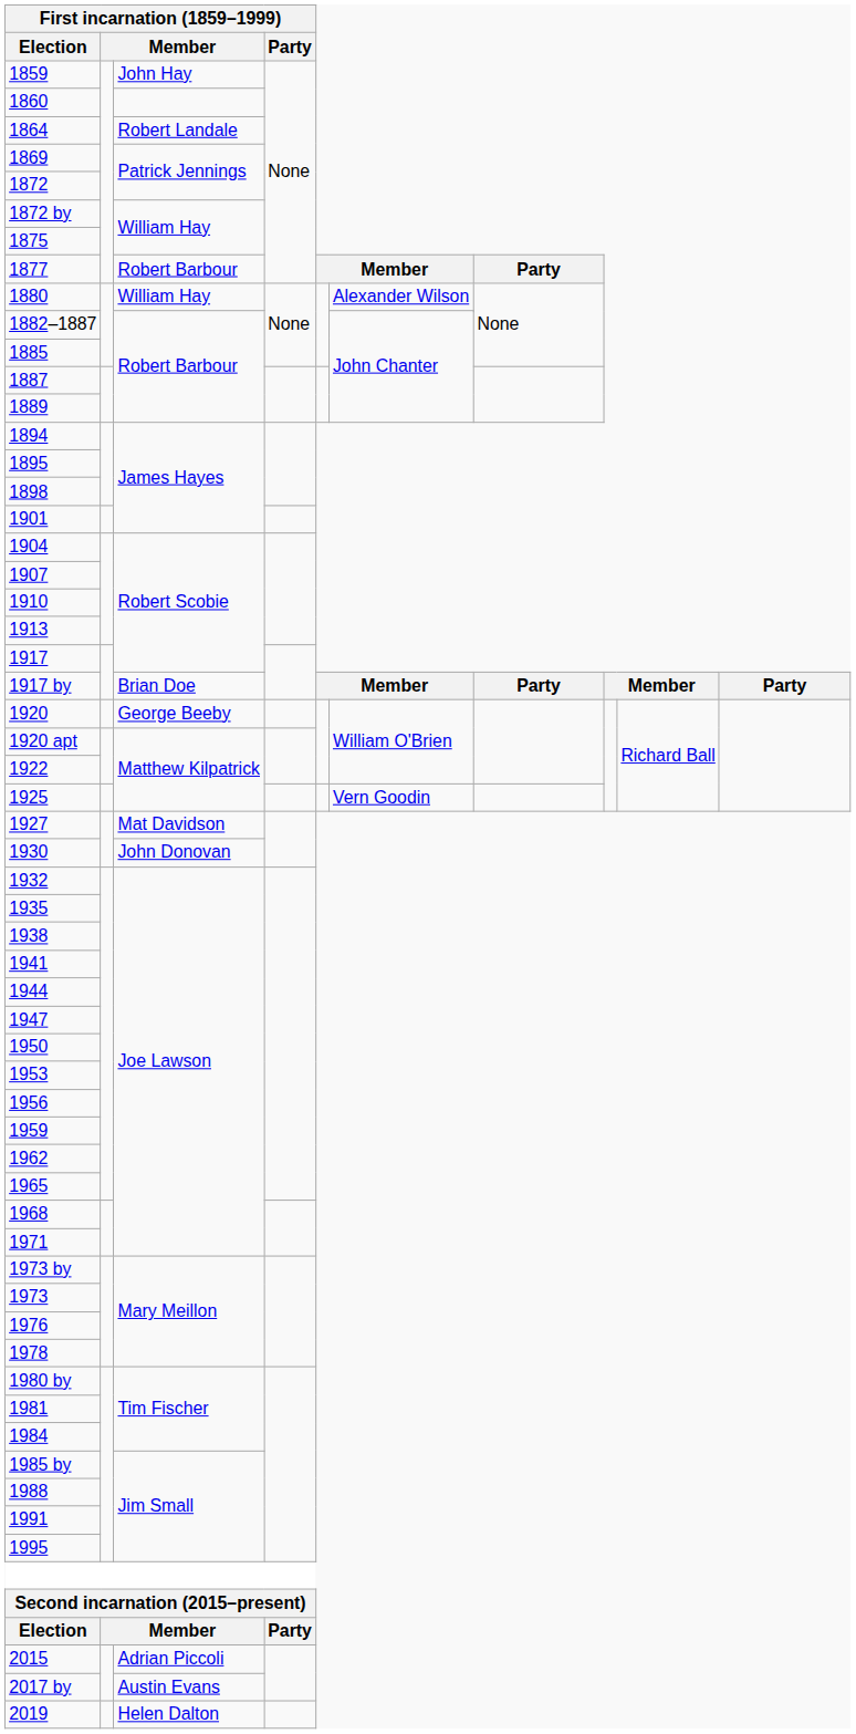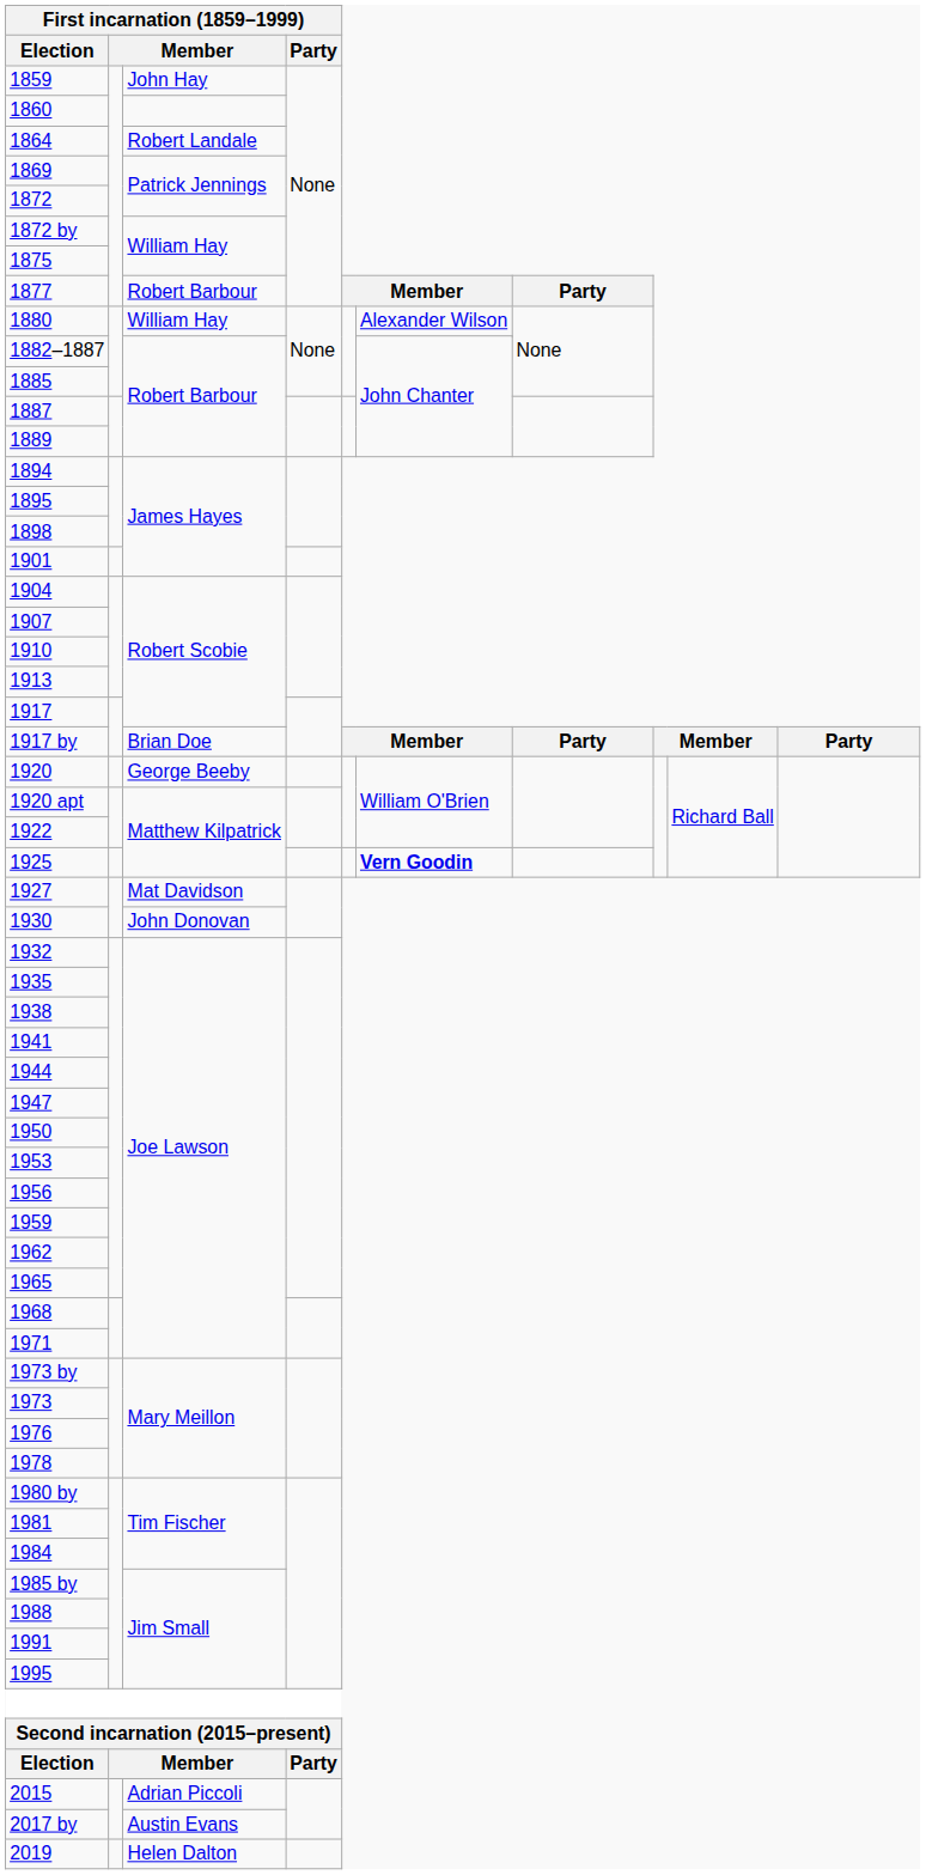 <table class="wikitable" style='border-style: none none none none;'>
 <tr>
 <th colspan="4">First incarnation (1859–1999)</th>
 </tr>
 <tr>
 <th>Election</th>
 <th colspan="2">Member</th>
 <th>Party</th>
 </tr>
 <tr style="background: #f9f9f9">
 <td><a href='#'>1859</a></td>
 <td rowspan="8" > </td>
 <td><a href='#'>John Hay</a></td>
 <td rowspan="8">None</td>
 </tr>
 <tr style="background: #f9f9f9">
 <td><a href='#'>1860</a></td>
 </tr>
 <tr style="background: #f9f9f9">
 <td><a href='#'>1864</a></td>
 <td><a href='#'>Robert Landale</a></td>
 </tr>
 <tr style="background: #f9f9f9">
 <td><a href='#'>1869</a></td>
 <td rowspan="2"><a href='#'>Patrick Jennings</a></td>
 </tr>
 <tr style="background: #f9f9f9">
 <td><a href='#'>1872</a></td>
 </tr>
 <tr style="background: #f9f9f9">
 <td><a href='#'>1872 by</a></td>
 <td rowspan="2"><a href='#'>William Hay</a></td>
 </tr>
 <tr style="background: #f9f9f9">
 <td><a href='#'>1875</a></td>
 </tr>
 <tr style="background: #f9f9f9">
 <td><a href='#'>1877</a></td>
 <td><a href='#'>Robert Barbour</a></td>
 <th colspan="2">Member</th>
 <th style="width: 7em">Party</th>
 </tr>
 <tr style="background: #f9f9f9">
 <td><a href='#'>1880</a></td>
 <td rowspan="4" > </td>
 <td><a href='#'>William Hay</a></td>
 <td rowspan="4">None</td>
 <td rowspan="4" > </td>
 <td rowspan="2"><a href='#'>Alexander Wilson</a></td>
 <td rowspan="4">None</td>
 </tr>
 <tr style="background: #f9f9f9">
 <td rowspan="2"><a href='#'>1882</a>–1887</td>
 <td rowspan="5"><a href='#'>Robert Barbour</a></td>
 </tr>
 <tr style="background: #f9f9f9">
 <td rowspan="4"><a href='#'>John Chanter</a></td>
 </tr>
 <tr style="background: #f9f9f9">
 <td><a href='#'>1885</a></td>
 </tr>
 <tr style="background: #f9f9f9">
 <td><a href='#'>1887</a></td>
 <td rowspan="2" > </td>
 <td rowspan="2"></td>
 <td rowspan="2" > </td>
 <td rowspan="2"></td>
 </tr>
 <tr style="background: #f9f9f9">
 <td><a href='#'>1889</a></td>
 </tr>
 <tr style="background: #f9f9f9">
 <td><a href='#'>1894</a></td>
 <td rowspan="3" > </td>
 <td rowspan="4"><a href='#'>James Hayes</a></td>
 <td rowspan="3"></td>
 </tr>
 <tr style="background: #f9f9f9">
 <td><a href='#'>1895</a></td>
 </tr>
 <tr style="background: #f9f9f9">
 <td><a href='#'>1898</a></td>
 </tr>
 <tr style="background: #f9f9f9">
 <td><a href='#'>1901</a></td>
 <td> </td>
 <td></td>
 </tr>
 <tr style="background: #f9f9f9">
 <td><a href='#'>1904</a></td>
 <td rowspan="4" > </td>
 <td rowspan="5"><a href='#'>Robert Scobie</a></td>
 <td rowspan="4"></td>
 </tr>
 <tr style="background: #f9f9f9">
 <td><a href='#'>1907</a></td>
 </tr>
 <tr style="background: #f9f9f9">
 <td><a href='#'>1910</a></td>
 </tr>
 <tr style="background: #f9f9f9">
 <td><a href='#'>1913</a></td>
 </tr>
 <tr style="background: #f9f9f9">
 <td><a href='#'>1917</a></td>
 <td rowspan="2" > </td>
 <td rowspan="2"></td>
 </tr>
 <tr style="background: #f9f9f9">
 <td><a href='#'>1917 by</a></td>
 <td><a href='#'>Brian Doe</a></td>
 <th colspan="2">Member</th>
 <th>Party</th>
 <th colspan="2">Member</th>
 <th scope="col" style="width: 7em">Party</th>
 </tr>
 <tr style="background: #f9f9f9">
 <td><a href='#'>1920</a></td>
 <td> </td>
 <td><a href='#'>George Beeby</a></td>
 <td></td>
 <td rowspan="3" > </td>
 <td rowspan="3"><a href='#'>William O'Brien</a></td>
 <td rowspan="3"></td>
 <td rowspan="4" > </td>
 <td rowspan="4"><a href='#'>Richard Ball</a></td>
 <td rowspan="4"></td>
 </tr>
 <tr style="background: #f9f9f9">
 <td><a href='#'>1920 apt</a></td>
 <td rowspan="2" > </td>
 <td rowspan="3"><a href='#'>Matthew Kilpatrick</a></td>
 <td rowspan="2"></td>
 </tr>
 <tr style="background: #f9f9f9">
 <td><a href='#'>1922</a></td>
 </tr>
 <tr style="background: #f9f9f9">
 <td><a href='#'>1925</a></td>
 <td> </td>
 <td></td>
 <td> </td>
-<td><a href='#'>Vern Goodin</a></td>
+<td><strong><a href='#'>Vern Goodin</a></strong></td>
 <td></td>
 </tr>
 <tr style="background: #f9f9f9">
 <td><a href='#'>1927</a></td>
 <td rowspan="2" > </td>
 <td><a href='#'>Mat Davidson</a></td>
 <td rowspan="2"></td>
 </tr>
 <tr style="background: #f9f9f9">
 <td><a href='#'>1930</a></td>
 <td><a href='#'>John Donovan</a></td>
 </tr>
 <tr style="background: #f9f9f9">
 <td><a href='#'>1932</a></td>
 <td rowspan="12" > </td>
 <td rowspan="14"><a href='#'>Joe Lawson</a></td>
 <td rowspan="12"></td>
 </tr>
 <tr style="background: #f9f9f9">
 <td><a href='#'>1935</a></td>
 </tr>
 <tr style="background: #f9f9f9">
 <td><a href='#'>1938</a></td>
 </tr>
 <tr style="background: #f9f9f9">
 <td><a href='#'>1941</a></td>
 </tr>
 <tr style="background: #f9f9f9">
 <td><a href='#'>1944</a></td>
 </tr>
 <tr style="background: #f9f9f9">
 <td><a href='#'>1947</a></td>
 </tr>
 <tr style="background: #f9f9f9">
 <td><a href='#'>1950</a></td>
 </tr>
 <tr style="background: #f9f9f9">
 <td><a href='#'>1953</a></td>
 </tr>
 <tr style="background: #f9f9f9">
 <td><a href='#'>1956</a></td>
 </tr>
 <tr style="background: #f9f9f9">
 <td><a href='#'>1959</a></td>
 </tr>
 <tr style="background: #f9f9f9">
 <td><a href='#'>1962</a></td>
 </tr>
 <tr style="background: #f9f9f9">
 <td><a href='#'>1965</a></td>
 </tr>
 <tr style="background: #f9f9f9">
 <td><a href='#'>1968</a></td>
 <td rowspan="2" > </td>
 <td rowspan="2"></td>
 </tr>
 <tr style="background: #f9f9f9">
 <td><a href='#'>1971</a></td>
 </tr>
 <tr style="background: #f9f9f9">
 <td><a href='#'>1973 by</a></td>
 <td rowspan="4" > </td>
 <td rowspan="4"><a href='#'>Mary Meillon</a></td>
 <td rowspan="4"></td>
 </tr>
 <tr style="background: #f9f9f9">
 <td><a href='#'>1973</a></td>
 </tr>
 <tr style="background: #f9f9f9">
 <td><a href='#'>1976</a></td>
 </tr>
 <tr style="background: #f9f9f9">
 <td><a href='#'>1978</a></td>
 </tr>
 <tr style="background: #f9f9f9">
 <td><a href='#'>1980 by</a></td>
 <td rowspan="7" > </td>
 <td rowspan="3"><a href='#'>Tim Fischer</a></td>
 <td rowspan="7"></td>
 </tr>
 <tr style="background: #f9f9f9">
 <td><a href='#'>1981</a></td>
 </tr>
 <tr style="background: #f9f9f9">
 <td><a href='#'>1984</a></td>
 </tr>
 <tr style="background: #f9f9f9">
 <td><a href='#'>1985 by</a></td>
 <td rowspan="4"><a href='#'>Jim Small</a></td>
 </tr>
 <tr style="background: #f9f9f9">
 <td><a href='#'>1988</a></td>
 </tr>
 <tr style="background: #f9f9f9">
 <td><a href='#'>1991</a></td>
 </tr>
 <tr style="background: #f9f9f9">
 <td><a href='#'>1995</a></td>
 </tr>
 <tr>
 <td colspan="4" style='background: #FFFFFF; border-style: none none none none;'> </td>
 </tr>
 <tr>
 <th colspan="4">Second incarnation (2015–present)</th>
 </tr>
 <tr style="background: #f9f9f9">
 <th>Election</th>
 <th colspan="2">Member</th>
 <th>Party</th>
 </tr>
 <tr style="background: #f9f9f9">
 <td><a href='#'>2015</a></td>
 <td rowspan="2" > </td>
 <td><a href='#'>Adrian Piccoli</a></td>
 <td rowspan="2"></td>
 </tr>
 <tr style="background: #f9f9f9">
 <td><a href='#'>2017 by</a></td>
 <td><a href='#'>Austin Evans</a></td>
 </tr>
 <tr style="background: #f9f9f9">
 <td><a href='#'>2019</a></td>
 <td> </td>
 <td><a href='#'>Helen Dalton</a></td>
 <td></td>
 </tr>
 </table>
